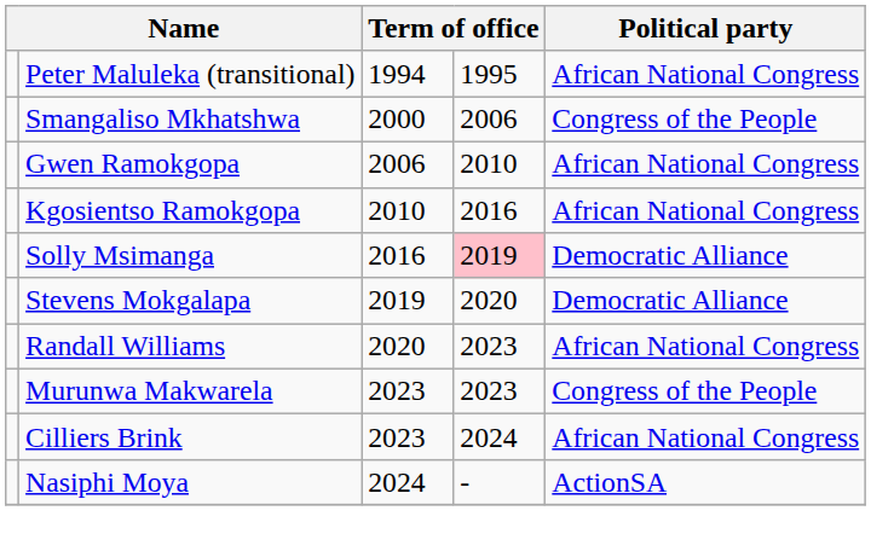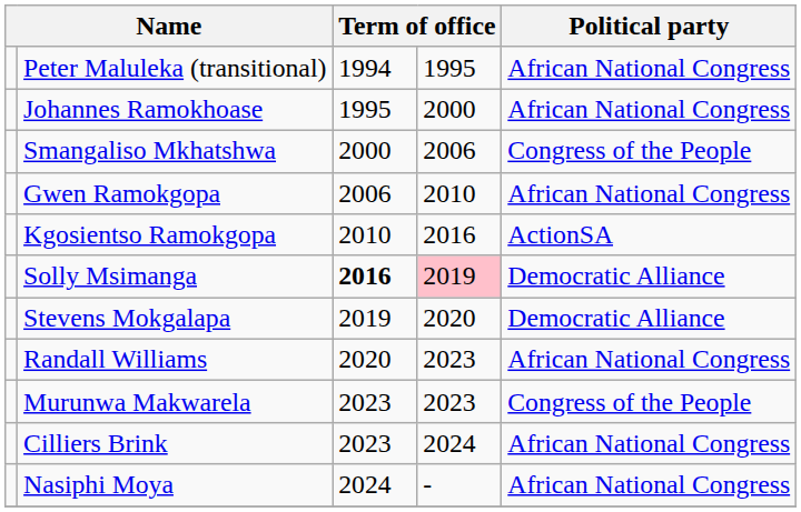 <table class="wikitable">
 <tr>
 <th colspan=2>Name</th>
 <th colspan=2>Term of office</th>
 <th>Political party</th>
 </tr>
 <tr>
 <td style="background-color: "></td>
 <td><a href='#'>Peter Maluleka</a> (transitional)</td>
 <td>1994</td>
 <td>1995</td>
+<td><a href='#'>African National Congress</a></td>
+</tr>
+<tr>
+<td style="background-color: "></td>
+<td><a href='#'>Johannes Ramokhoase</a></td>
+<td>1995</td>
+<td>2000</td>
 <td><a href='#'>African National Congress</a></td>
 </tr>
 <tr>
 <td style="background-color: "></td>
 <td><a href='#'>Smangaliso Mkhatshwa</a></td>
 <td>2000</td>
 <td>2006</td>
 <td><a href='#'>Congress of the People</a></td>
 </tr>
 <tr>
 <td style="background-color: "></td>
 <td><a href='#'>Gwen Ramokgopa</a></td>
 <td>2006</td>
 <td>2010</td>
 <td><a href='#'>African National Congress</a></td>
 </tr>
 <tr>
 <td style="background-color: "></td>
 <td><a href='#'>Kgosientso Ramokgopa</a></td>
 <td>2010</td>
 <td>2016</td>
-<td><a href='#'>African National Congress</a></td>
+<td><a href='#'>ActionSA</a></td>
 </tr>
 <tr>
 <td style="background-color: "></td>
 <td><a href='#'>Solly Msimanga</a></td>
-<td>2016</td>
+<td><strong>2016</strong></td>
 <td style="background: pink;">2019</td>
 <td><a href='#'>Democratic Alliance</a></td>
 </tr>
 <tr>
 <td style="background-color: "></td>
 <td><a href='#'>Stevens Mokgalapa</a></td>
 <td>2019</td>
 <td>2020</td>
 <td><a href='#'>Democratic Alliance</a></td>
 </tr>
 <tr>
 <td style="background-color: "></td>
 <td><a href='#'>Randall Williams</a></td>
 <td>2020</td>
 <td>2023</td>
 <td><a href='#'>African National Congress</a></td>
 </tr>
 <tr>
 <td style="background-color: "></td>
 <td><a href='#'>Murunwa Makwarela</a></td>
 <td>2023</td>
 <td>2023</td>
 <td><a href='#'>Congress of the People</a></td>
 </tr>
 <tr>
 <td style="background-color: "></td>
 <td><a href='#'>Cilliers Brink</a></td>
 <td>2023</td>
 <td>2024</td>
 <td><a href='#'>African National Congress</a></td>
 </tr>
 <tr>
 <td style="background-color: "></td>
 <td><a href='#'>Nasiphi Moya</a></td>
 <td>2024</td>
 <td>-</td>
-<td><a href='#'>ActionSA</a></td>
+<td><a href='#'>African National Congress</a></td>
 </tr>
 <tr>
 </tr>
 </table>
